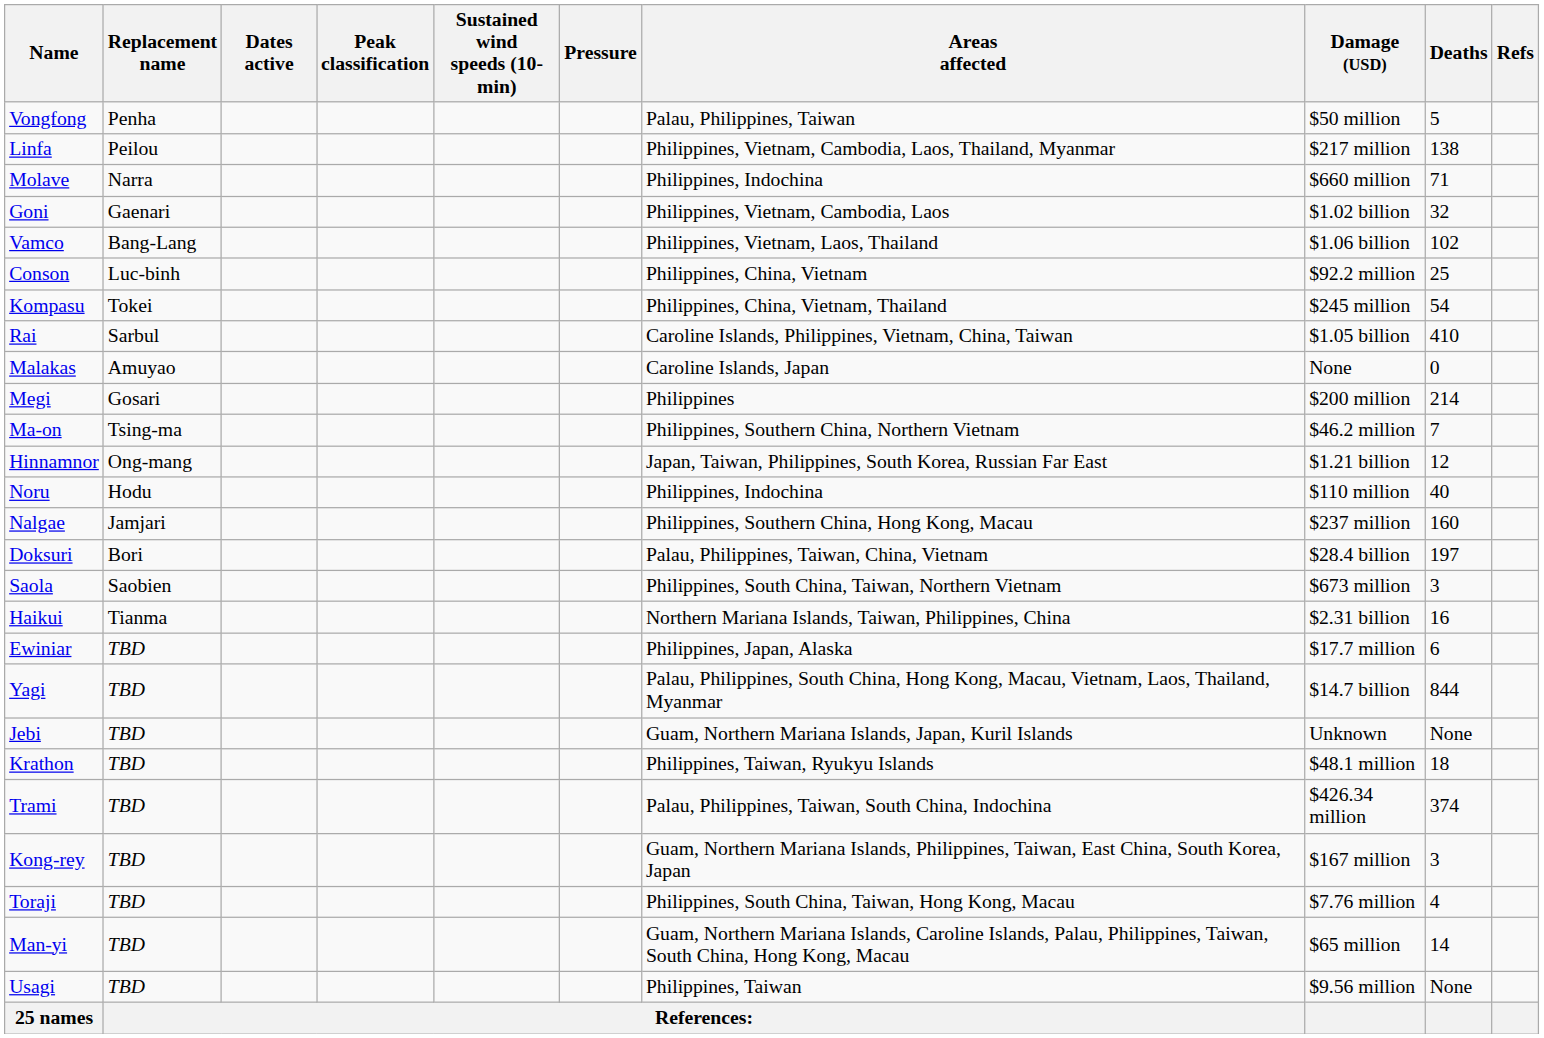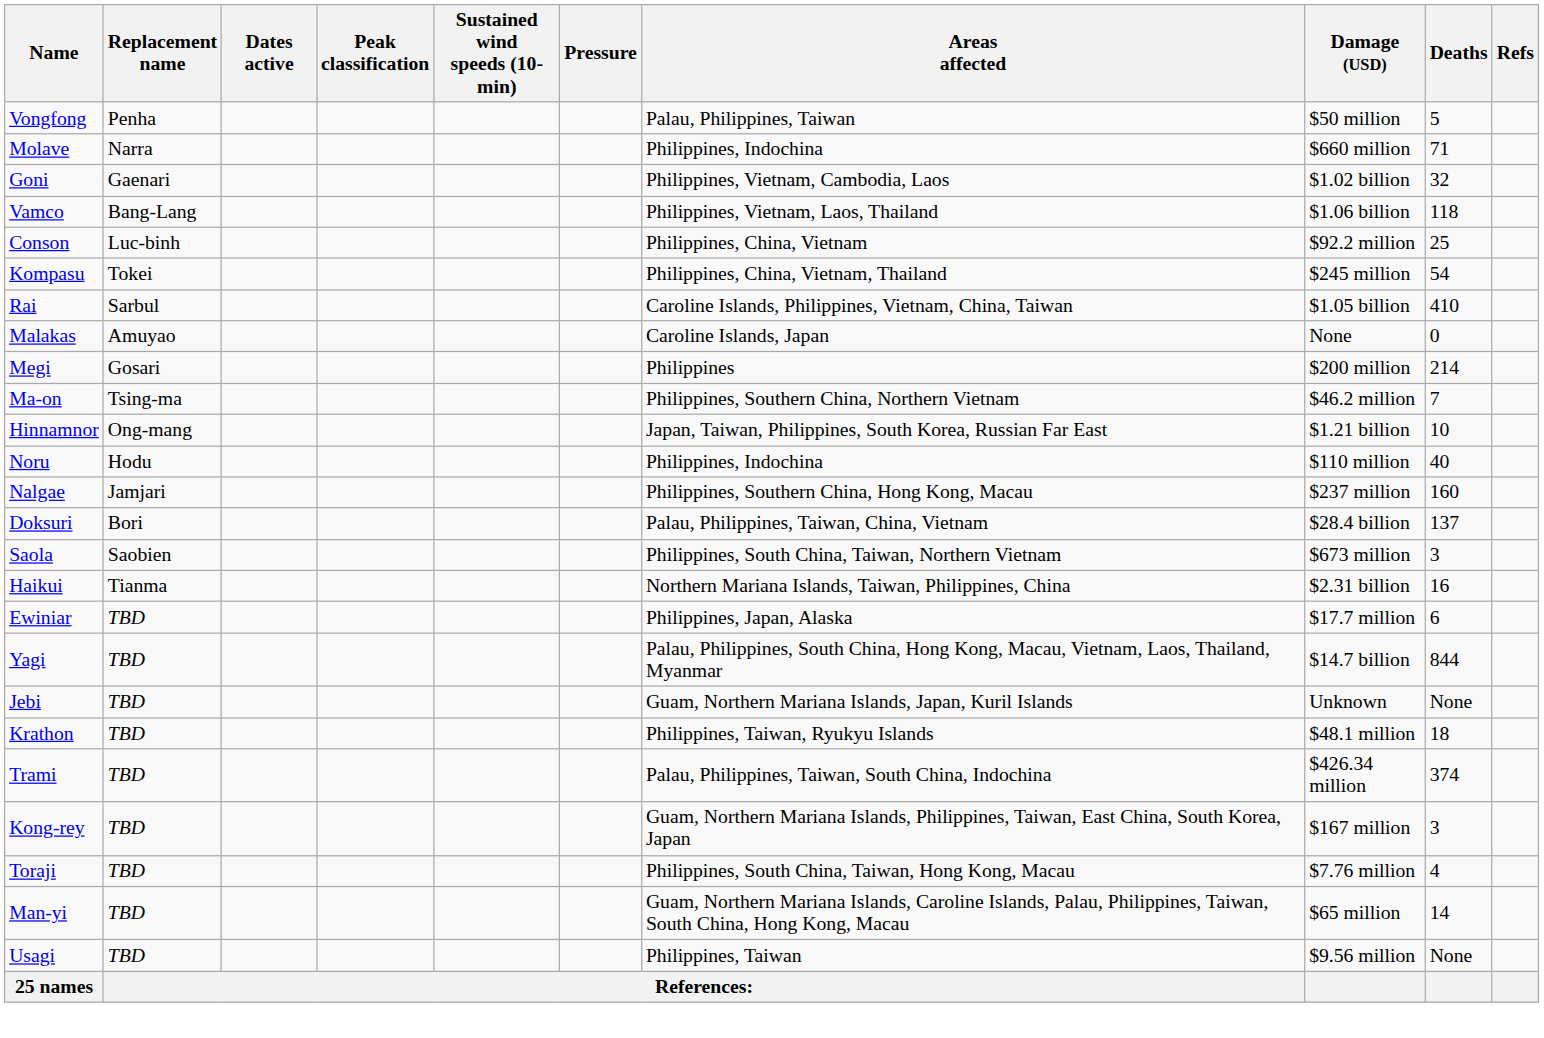 <table class="wikitable sortable">
 <tr>
 <th scope="col">Name</th>
 <th scope="col">Replacement<br>name</th>
 <th scope="col">Dates active</th>
 <th scope="col">Peak<br>classification</th>
 <th scope="col">Sustained wind<br>speeds (10-min)</th>
 <th scope="col">Pressure</th>
 <th scope="col" class="unsortable">Areas<br>affected</th>
 <th scope="col">Damage <small>(USD)</small></th>
 <th scope="col">Deaths</th>
 <th scope="col" class="unsortable">Refs</th>
 </tr>
 <tr>
 <td><a href='#'>Vongfong</a></td>
 <td>Penha</td>
 <td></td>
 <td></td>
 <td></td>
 <td></td>
 <td>Palau, Philippines, Taiwan</td>
 <td>$50 million</td>
 <td>5</td>
-<td></td>
-</tr>
-<tr>
-<td><a href='#'>Linfa</a></td>
-<td>Peilou</td>
-<td></td>
-<td></td>
-<td></td>
-<td></td>
-<td>Philippines, Vietnam, Cambodia, Laos, Thailand, Myanmar</td>
-<td>$217 million</td>
-<td>138</td>
 <td></td>
 </tr>
 <tr>
 <td><a href='#'>Molave</a></td>
 <td>Narra</td>
 <td></td>
 <td></td>
 <td></td>
 <td></td>
 <td>Philippines, Indochina</td>
 <td>$660 million</td>
 <td>71</td>
 <td></td>
 </tr>
 <tr>
 <td><a href='#'>Goni</a></td>
 <td>Gaenari</td>
 <td></td>
 <td></td>
 <td></td>
 <td></td>
 <td>Philippines, Vietnam, Cambodia, Laos</td>
 <td>$1.02 billion</td>
 <td>32</td>
 <td></td>
 </tr>
 <tr>
 <td><a href='#'>Vamco</a></td>
 <td>Bang-Lang</td>
 <td></td>
 <td></td>
 <td></td>
 <td></td>
 <td>Philippines, Vietnam, Laos, Thailand</td>
 <td>$1.06 billion</td>
-<td>102</td>
+<td>118</td>
 <td></td>
 </tr>
 <tr>
 <td><a href='#'>Conson</a></td>
 <td>Luc-binh</td>
 <td></td>
 <td></td>
 <td></td>
 <td></td>
 <td>Philippines, China, Vietnam</td>
 <td>$92.2 million</td>
 <td>25</td>
 <td></td>
 </tr>
 <tr>
 <td><a href='#'>Kompasu</a></td>
 <td>Tokei</td>
 <td></td>
 <td></td>
 <td></td>
 <td></td>
 <td>Philippines, China, Vietnam, Thailand</td>
 <td>$245 million</td>
 <td>54</td>
 <td></td>
 </tr>
 <tr>
 <td><a href='#'>Rai</a></td>
 <td>Sarbul</td>
 <td></td>
 <td></td>
 <td></td>
 <td></td>
 <td>Caroline Islands, Philippines, Vietnam, China, Taiwan</td>
 <td>$1.05 billion</td>
 <td>410</td>
 <td></td>
 </tr>
 <tr>
 <td><a href='#'>Malakas</a></td>
 <td>Amuyao</td>
 <td></td>
 <td></td>
 <td></td>
 <td></td>
 <td>Caroline Islands, Japan</td>
 <td>None</td>
 <td>0</td>
 <td></td>
 </tr>
 <tr>
 <td><a href='#'>Megi</a></td>
 <td>Gosari</td>
 <td></td>
 <td></td>
 <td></td>
 <td></td>
 <td>Philippines</td>
 <td>$200 million</td>
 <td>214</td>
 <td></td>
 </tr>
 <tr>
 <td><a href='#'>Ma-on</a></td>
 <td>Tsing-ma</td>
 <td></td>
 <td></td>
 <td></td>
 <td></td>
 <td>Philippines, Southern China, Northern Vietnam</td>
 <td>$46.2 million</td>
 <td>7</td>
 <td></td>
 </tr>
 <tr>
 <td><a href='#'>Hinnamnor</a></td>
 <td>Ong-mang</td>
 <td></td>
 <td></td>
 <td></td>
 <td></td>
 <td>Japan, Taiwan, Philippines, South Korea, Russian Far East</td>
 <td>$1.21 billion</td>
-<td>12</td>
+<td>10</td>
 <td></td>
 </tr>
 <tr>
 <td><a href='#'>Noru</a></td>
 <td>Hodu</td>
 <td></td>
 <td></td>
 <td></td>
 <td></td>
 <td>Philippines, Indochina</td>
 <td>$110 million</td>
 <td>40</td>
 <td></td>
 </tr>
 <tr>
 <td><a href='#'>Nalgae</a></td>
 <td>Jamjari</td>
 <td></td>
 <td></td>
 <td></td>
 <td></td>
 <td>Philippines, Southern China, Hong Kong, Macau</td>
 <td>$237 million</td>
 <td>160</td>
 <td></td>
 </tr>
 <tr>
 <td><a href='#'>Doksuri</a></td>
 <td>Bori</td>
 <td></td>
 <td></td>
 <td></td>
 <td></td>
 <td>Palau, Philippines, Taiwan, China, Vietnam</td>
 <td>$28.4 billion</td>
-<td>197</td>
+<td>137</td>
 <td></td>
 </tr>
 <tr>
 <td><a href='#'>Saola</a></td>
 <td>Saobien</td>
 <td></td>
 <td></td>
 <td></td>
 <td></td>
 <td>Philippines, South China, Taiwan, Northern Vietnam</td>
 <td>$673 million</td>
 <td>3</td>
 <td></td>
 </tr>
 <tr>
 <td><a href='#'>Haikui</a></td>
 <td>Tianma</td>
 <td></td>
 <td></td>
 <td></td>
 <td></td>
 <td>Northern Mariana Islands, Taiwan, Philippines, China</td>
 <td>$2.31 billion</td>
 <td>16</td>
 <td></td>
 </tr>
 <tr>
 <td><a href='#'>Ewiniar</a></td>
 <td><em>TBD</em></td>
 <td></td>
 <td></td>
 <td></td>
 <td></td>
 <td>Philippines, Japan, Alaska</td>
 <td>$17.7 million</td>
 <td>6</td>
 <td></td>
 </tr>
 <tr>
 <td><a href='#'>Yagi</a></td>
 <td><em>TBD</em></td>
 <td></td>
 <td style="background:#"></td>
 <td style="background:#"></td>
 <td style="background:#"></td>
 <td>Palau, Philippines, South China, Hong Kong, Macau, Vietnam, Laos, Thailand, Myanmar</td>
 <td>$14.7 billion</td>
 <td>844</td>
 <td></td>
 </tr>
 <tr>
 <td><a href='#'>Jebi</a></td>
 <td><em>TBD</em></td>
 <td></td>
 <td style="background:#"></td>
 <td style="background:#"></td>
 <td style="background:#"></td>
 <td>Guam, Northern Mariana Islands, Japan, Kuril Islands</td>
 <td>Unknown</td>
 <td>None</td>
 <td></td>
 </tr>
 <tr>
 <td><a href='#'>Krathon</a></td>
 <td><em>TBD</em></td>
 <td></td>
 <td style="background:#"></td>
 <td style="background:#"></td>
 <td style="background:#"></td>
 <td>Philippines, Taiwan, Ryukyu Islands</td>
 <td>$48.1 million</td>
 <td>18</td>
 <td></td>
 </tr>
 <tr>
 <td><a href='#'>Trami</a></td>
 <td><em>TBD</em></td>
 <td></td>
 <td style="background:#"></td>
 <td style="background:#"></td>
 <td style="background:#"></td>
 <td>Palau, Philippines, Taiwan, South China, Indochina</td>
 <td>$426.34 million</td>
 <td>374</td>
 <td></td>
 </tr>
 <tr>
 <td><a href='#'>Kong-rey</a></td>
 <td><em>TBD</em></td>
 <td></td>
 <td style="background:#"></td>
 <td style="background:#"></td>
 <td style="background:#"></td>
 <td>Guam, Northern Mariana Islands, Philippines, Taiwan, East China, South Korea, Japan</td>
 <td>$167 million</td>
 <td>3</td>
 <td></td>
 </tr>
 <tr>
 <td><a href='#'>Toraji</a></td>
 <td><em>TBD</em></td>
 <td></td>
 <td style="background:#"></td>
 <td style="background:#"></td>
 <td style="background:#"></td>
 <td>Philippines, South China, Taiwan, Hong Kong, Macau</td>
 <td>$7.76 million</td>
 <td>4</td>
 <td></td>
 </tr>
 <tr>
 <td><a href='#'>Man-yi</a></td>
 <td><em>TBD</em></td>
 <td></td>
 <td style="background:#"></td>
 <td style="background:#"></td>
 <td style="background:#"></td>
 <td>Guam, Northern Mariana Islands, Caroline Islands, Palau, Philippines, Taiwan, South China, Hong Kong, Macau</td>
 <td>$65 million</td>
 <td>14</td>
 <td></td>
 </tr>
 <tr>
 <td><a href='#'>Usagi</a></td>
 <td><em>TBD</em></td>
 <td></td>
 <td style="background:#"></td>
 <td style="background:#"></td>
 <td style="background:#"></td>
 <td>Philippines, Taiwan</td>
 <td>$9.56 million</td>
 <td>None</td>
 <td></td>
 </tr>
 <tr class="sortbottom">
 <th>25 names</th>
 <th colspan="6">References:</th>
 <th></th>
 <th></th>
 <th></th>
 </tr>
 </table>
